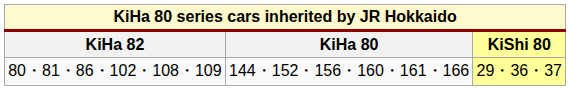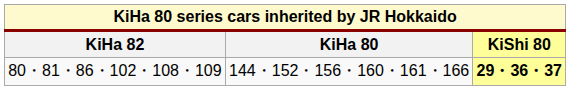 <table class="wikitable" style="text-align:center; margin:0em 0em 1em 0em;">
 <tr>
 <th colspan="3" style="background:#FFFACD;">KiHa 80 series cars inherited by JR Hokkaido</th>
 </tr>
 <tr style="border-top:solid 3px #8B0000;">
 <th>KiHa 82</th>
 <th>KiHa 80</th>
 <th style="background-color:#ff9;">KiShi 80</th>
 </tr>
 <tr>
 <td>80・81・86・102・108・109</td>
 <td>144・152・156・160・161・166</td>
-<td style="background-color:#ff9;">29・36・37</td>
+<td style="background-color:#ff9;"><strong>29・36・37</strong></td>
 </tr>
 </table>
